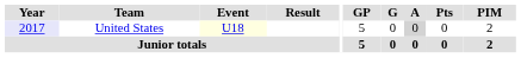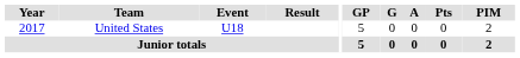 <table border="0" cellpadding="1" cellspacing="0" ID="Table3" style="text-align:center; width:40em">
 <tr ALIGN="center" bgcolor="#e0e0e0">
 <th>Year</th>
 <th>Team</th>
 <th>Event</th>
 <th>Result</th>
 <th rowspan="99" bgcolor="#ffffff"></th>
 <th>GP</th>
 <th>G</th>
 <th>A</th>
 <th>Pts</th>
 <th>PIM</th>
 </tr>
 <tr>
-<td style="background: lavender;"><a href='#'>2017</a></td>
+<td><a href='#'>2017</a></td>
 <td><a href='#'>United States</a></td>
-<td style="background: lightyellow;"><a href='#'>U18</a></td>
+<td><a href='#'>U18</a></td>
 <td></td>
 <td>5</td>
 <td>0</td>
-<td style="background: lightgrey;">0</td>
+<td>0</td>
 <td>0</td>
 <td>2</td>
 </tr>
 <tr bgcolor="#e0e0e0">
 <th colspan="4">Junior totals</th>
 <th>5</th>
 <th>0</th>
 <th>0</th>
 <th>0</th>
 <th>2</th>
 </tr>
 </table>
